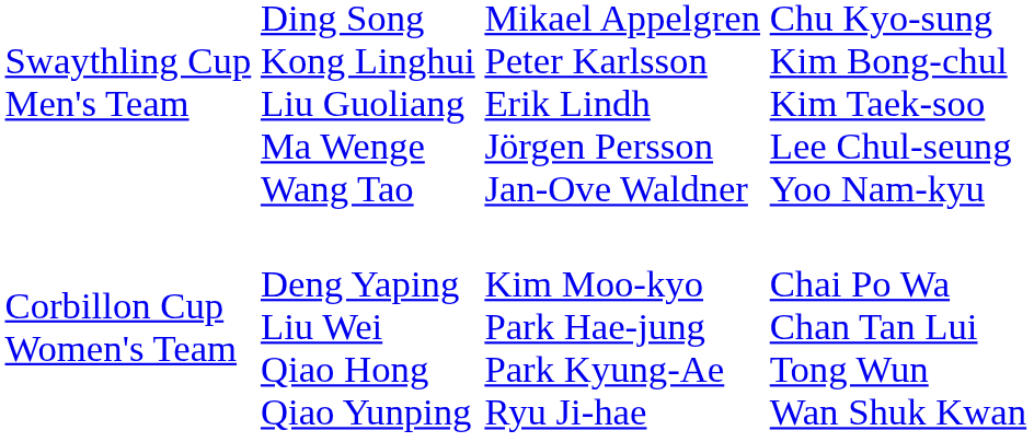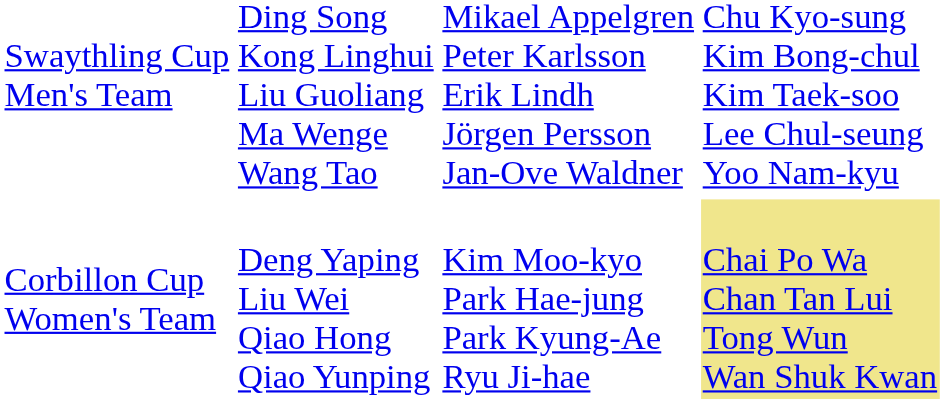 <table>
 <tr>
 <td><a href='#'>Swaythling Cup<br>Men's Team</a></td>
 <td><br><a href='#'>Ding Song</a><br><a href='#'>Kong Linghui</a><br><a href='#'>Liu Guoliang</a><br><a href='#'>Ma Wenge</a><br><a href='#'>Wang Tao</a></td>
 <td><br><a href='#'>Mikael Appelgren</a><br><a href='#'>Peter Karlsson</a><br><a href='#'>Erik Lindh</a><br><a href='#'>Jörgen Persson</a><br><a href='#'>Jan-Ove Waldner</a></td>
 <td><br><a href='#'>Chu Kyo-sung</a><br><a href='#'>Kim Bong-chul</a><br><a href='#'>Kim Taek-soo</a><br><a href='#'>Lee Chul-seung</a><br><a href='#'>Yoo Nam-kyu</a></td>
 </tr>
 <tr>
 <td><a href='#'>Corbillon Cup<br>Women's Team</a></td>
 <td><br><a href='#'>Deng Yaping</a><br><a href='#'>Liu Wei</a><br><a href='#'>Qiao Hong</a><br><a href='#'>Qiao Yunping</a></td>
 <td><br><a href='#'>Kim Moo-kyo</a><br><a href='#'>Park Hae-jung</a><br><a href='#'>Park Kyung-Ae</a><br><a href='#'>Ryu Ji-hae</a></td>
-<td><br><a href='#'>Chai Po Wa</a><br><a href='#'>Chan Tan Lui</a><br><a href='#'>Tong Wun</a><br><a href='#'>Wan Shuk Kwan</a></td>
+<td style="background: khaki;"><br><a href='#'>Chai Po Wa</a><br><a href='#'>Chan Tan Lui</a><br><a href='#'>Tong Wun</a><br><a href='#'>Wan Shuk Kwan</a></td>
 </tr>
 </table>
